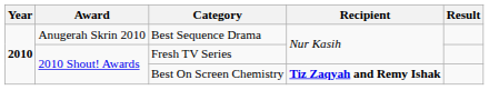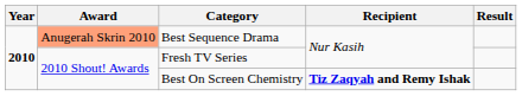 <table class="wikitable">
 <tr>
 <th>Year</th>
 <th>Award</th>
 <th>Category</th>
 <th>Recipient</th>
 <th>Result</th>
 </tr>
 <tr>
 <td rowspan="3" align="center"><strong>2010</strong></td>
-<td>Anugerah Skrin 2010</td>
+<td style="background: lightsalmon;">Anugerah Skrin 2010</td>
 <td>Best Sequence Drama</td>
 <td rowspan="2"><em>Nur Kasih</em></td>
 <td></td>
 </tr>
 <tr>
 <td rowspan="2"><a href='#'>2010 Shout! Awards</a></td>
 <td>Fresh TV Series</td>
 <td></td>
 </tr>
 <tr>
 <td>Best On Screen Chemistry</td>
 <td><strong><a href='#'>Tiz Zaqyah</a> and Remy Ishak</strong></td>
 <td></td>
 </tr>
 </table>
